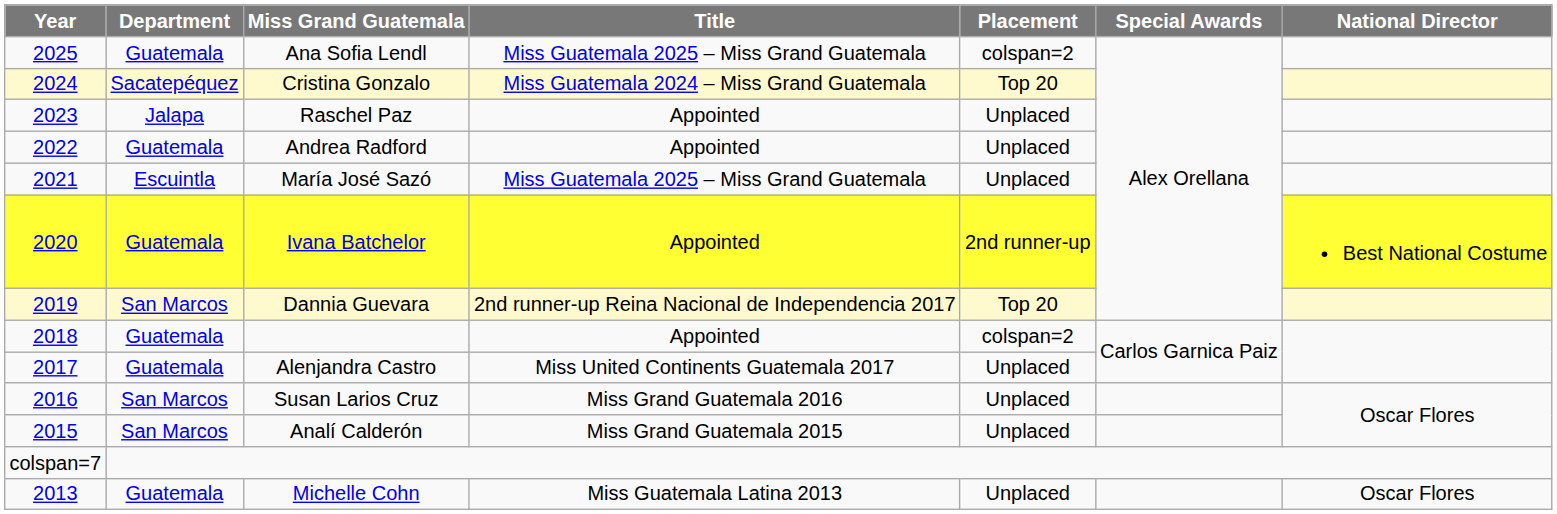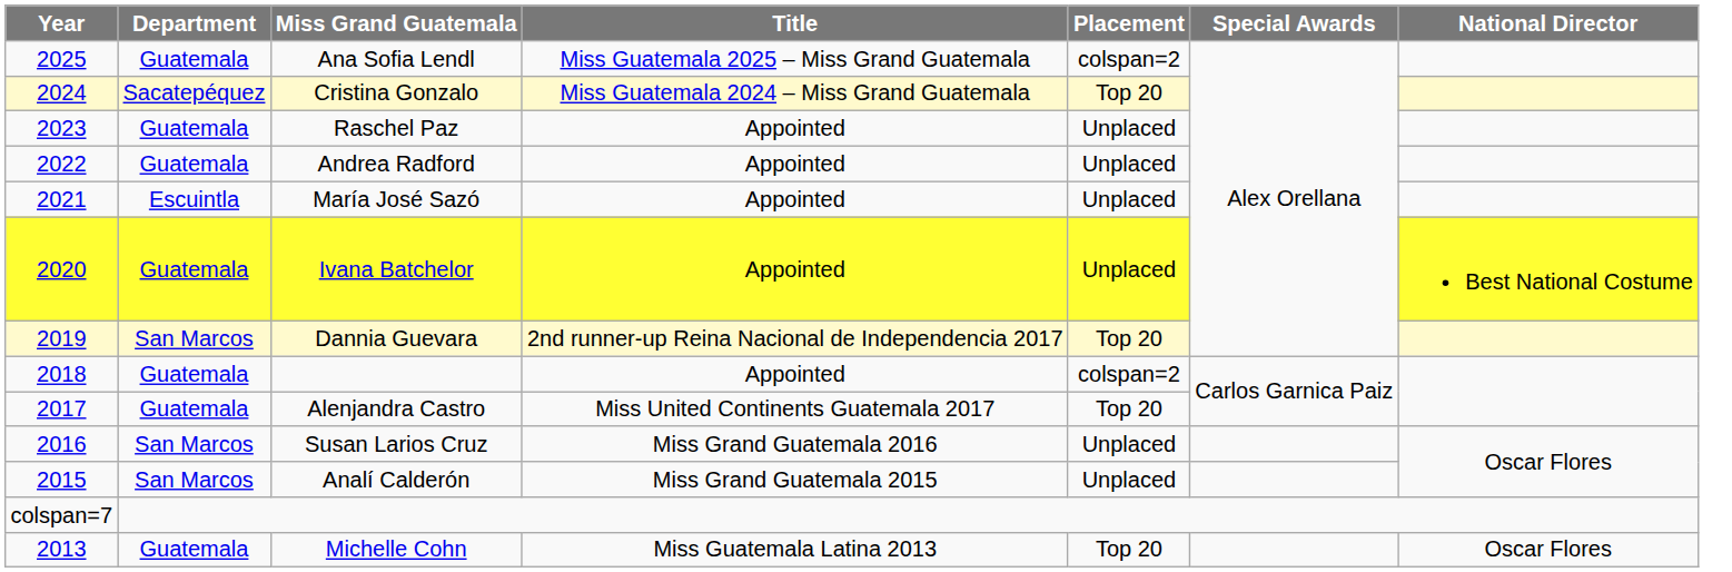 <table class="wikitable" style="font-size: 90%; text-align:center">
 <tr>
 <th style="background-color:#787878;color:#FFFFFF;">Year</th>
 <th style="background-color:#787878;color:#FFFFFF;">Department</th>
 <th style="background-color:#787878;color:#FFFFFF;">Miss Grand Guatemala</th>
 <th style="background-color:#787878;color:#FFFFFF;">Title</th>
 <th style="background-color:#787878;color:#FFFFFF;">Placement</th>
 <th style="background-color:#787878;color:#FFFFFF;">Special Awards</th>
 <th style="background-color:#787878;color:#FFFFFF;">National Director</th>
 </tr>
 <tr>
 <td><a href='#'>2025</a></td>
 <td><a href='#'>Guatemala</a></td>
 <td>Ana Sofia Lendl</td>
 <td><a href='#'>Miss Guatemala 2025</a> – Miss Grand Guatemala</td>
 <td>colspan=2 </td>
 <td rowspan=7>Alex Orellana</td>
 </tr>
 <tr bgcolor=#FFFACD>
 <td><a href='#'>2024</a></td>
 <td><a href='#'>Sacatepéquez</a></td>
 <td>Cristina Gonzalo</td>
 <td><a href='#'>Miss Guatemala 2024</a> – Miss Grand Guatemala</td>
 <td>Top 20</td>
 <td></td>
 </tr>
 <tr>
 <td><a href='#'>2023</a></td>
-<td><a href='#'>Jalapa</a></td>
+<td><a href='#'>Guatemala</a></td>
 <td>Raschel Paz</td>
 <td>Appointed</td>
 <td>Unplaced</td>
 <td></td>
 </tr>
 <tr>
 <td><a href='#'>2022</a></td>
 <td><a href='#'>Guatemala</a></td>
 <td>Andrea Radford</td>
 <td>Appointed</td>
 <td>Unplaced</td>
 <td></td>
 </tr>
 <tr>
 <td><a href='#'>2021</a></td>
 <td><a href='#'>Escuintla</a></td>
 <td>María José Sazó</td>
-<td><a href='#'>Miss Guatemala 2025</a> – Miss Grand Guatemala</td>
+<td>Appointed</td>
 <td>Unplaced</td>
 <td></td>
 </tr>
 <tr bgcolor=#FFFF33>
 <td><a href='#'>2020</a></td>
 <td><a href='#'>Guatemala</a></td>
 <td><a href='#'>Ivana Batchelor</a></td>
 <td>Appointed</td>
-<td>2nd runner-up</td>
+<td>Unplaced</td>
 <td><br><ul><li>Best National Costume</li></ul></td>
 </tr>
 <tr bgcolor=#FFFACD>
 <td><a href='#'>2019</a></td>
 <td><a href='#'>San Marcos</a></td>
 <td>Dannia Guevara</td>
 <td>2nd runner-up Reina Nacional de Independencia 2017</td>
 <td>Top 20</td>
 <td></td>
 </tr>
 <tr>
 <td><a href='#'>2018</a></td>
 <td><a href='#'>Guatemala</a></td>
 <td></td>
 <td>Appointed</td>
 <td>colspan=2 </td>
 <td rowspan=2>Carlos Garnica Paiz</td>
 </tr>
 <tr>
 <td><a href='#'>2017</a></td>
 <td><a href='#'>Guatemala</a></td>
 <td>Alenjandra Castro</td>
 <td>Miss United Continents Guatemala 2017</td>
-<td>Unplaced</td>
+<td>Top 20</td>
 </tr>
 <tr>
 <td><a href='#'>2016</a></td>
 <td><a href='#'>San Marcos</a></td>
 <td>Susan Larios Cruz</td>
 <td>Miss Grand Guatemala 2016</td>
 <td>Unplaced</td>
 <td></td>
 <td rowspan=2>Oscar Flores</td>
 </tr>
 <tr>
 <td><a href='#'>2015</a></td>
 <td><a href='#'>San Marcos</a></td>
 <td>Analí Calderón</td>
 <td>Miss Grand Guatemala 2015</td>
 <td>Unplaced</td>
 <td></td>
 </tr>
 <tr>
 <td>colspan=7 </td>
 </tr>
 <tr>
 <td><a href='#'>2013</a></td>
 <td><a href='#'>Guatemala</a></td>
 <td><a href='#'>Michelle Cohn</a></td>
 <td>Miss Guatemala Latina 2013</td>
-<td>Unplaced</td>
+<td>Top 20</td>
 <td></td>
 <td>Oscar Flores</td>
 </tr>
 </table>
